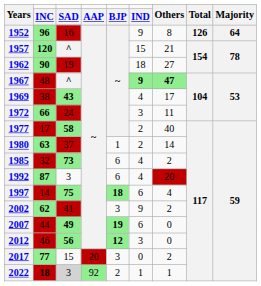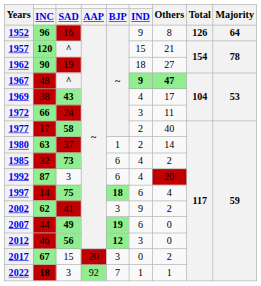 <table class="wikitable" style="text-align:center">
 <tr>
 <th rowspan="2">Years</th>
 <td></td>
 <td></td>
 <td></td>
 <td></td>
 <td></td>
 <th rowspan="2">Others</th>
 <th rowspan="2">Total</th>
 <th rowspan="2">Majority</th>
 </tr>
 <tr>
 <th><a href='#'>INC</a></th>
 <th><a href='#'>SAD</a></th>
 <th><a href='#'>AAP</a></th>
 <th><a href='#'>BJP</a></th>
 <th><a href='#'>IND</a></th>
 </tr>
 <tr>
 <th><a href='#'>1952</a></th>
 <td bgcolor="lightgreen"><strong>96</strong></td>
 <td bgcolor="chili">16</td>
 <th rowspan="14">~</th>
 <th rowspan="7">~</th>
 <td>9</td>
 <td>8</td>
 <th>126</th>
 <th>64</th>
 </tr>
 <tr>
 <th><a href='#'>1957</a></th>
 <td bgcolor="lightgreen"><strong>120</strong></td>
 <th>^</th>
 <td>15</td>
 <td>21</td>
 <th rowspan="2">154</th>
 <th rowspan="2">78</th>
 </tr>
 <tr>
 <th><a href='#'>1962</a></th>
 <td bgcolor="lightgreen"><strong>90</strong></td>
 <td bgcolor="chili">19</td>
 <td>18</td>
 <td>27</td>
 </tr>
 <tr>
 <th><a href='#'>1967</a></th>
 <td bgcolor="chili">48</td>
 <th>^</th>
 <td bgcolor="lightgreen"><strong>9</strong></td>
 <td bgcolor="lightgreen"><strong>47</strong></td>
 <th rowspan="3">104</th>
 <th rowspan="3">53</th>
 </tr>
 <tr>
 <th><a href='#'>1969</a></th>
 <td bgcolor="chili">38</td>
 <td bgcolor="lightgreen"><strong>43</strong></td>
 <td>4</td>
 <td>17</td>
 </tr>
 <tr>
 <th><a href='#'>1972</a></th>
 <td bgcolor="lightgreen"><strong>66</strong></td>
 <td bgcolor="chili">24</td>
 <td>3</td>
 <td>11</td>
 </tr>
 <tr>
 <th><a href='#'>1977</a></th>
 <td bgcolor="chili">17</td>
 <td bgcolor="lightgreen"><strong>58</strong></td>
 <td>2</td>
 <td>40</td>
 <th rowspan="10">117</th>
 <th rowspan="10">59</th>
 </tr>
 <tr>
 <th><a href='#'>1980</a></th>
 <td bgcolor="lightgreen"><strong>63</strong></td>
 <td bgcolor="chili">37</td>
 <td>1</td>
 <td>2</td>
 <td>14</td>
 </tr>
 <tr>
 <th><a href='#'>1985</a></th>
 <td bgcolor="chili">32</td>
 <td bgcolor="lightgreen"><strong>73</strong></td>
 <td>6</td>
 <td>4</td>
 <td>2</td>
 </tr>
 <tr>
 <th><a href='#'>1992</a></th>
 <td bgcolor="lightgreen"><strong>87</strong></td>
 <td>3</td>
 <td>6</td>
 <td>4</td>
 <td bgcolor="chili">20</td>
 </tr>
 <tr>
 <th><a href='#'>1997</a></th>
 <td bgcolor="chili">14</td>
 <td bgcolor="lightgreen"><strong>75</strong></td>
 <td bgcolor="lightgreen"><strong>18</strong></td>
 <td>6</td>
 <td>4</td>
 </tr>
 <tr>
 <th><a href='#'>2002</a></th>
 <td bgcolor="lightgreen"><strong>62</strong></td>
 <td bgcolor="chili">41</td>
 <td>3</td>
 <td>9</td>
 <td>2</td>
 </tr>
 <tr>
 <th><a href='#'>2007</a></th>
 <td bgcolor="chili">44</td>
 <td bgcolor="lightgreen"><strong>49</strong></td>
 <td bgcolor="lightgreen"><strong>19</strong></td>
 <td>6</td>
 <td>0</td>
 </tr>
 <tr>
 <th><a href='#'>2012</a></th>
 <td bgcolor="chili">46</td>
 <td bgcolor="lightgreen"><strong>56</strong></td>
 <td bgcolor="lightgreen"><strong>12</strong></td>
 <td>3</td>
 <td>0</td>
 </tr>
 <tr>
 <th><a href='#'>2017</a></th>
-<td bgcolor="lightgreen"><strong>77</strong></td>
+<td bgcolor="lightgreen"><strong>67</strong></td>
 <td>15</td>
 <td bgcolor="chili">20</td>
 <td>3</td>
 <td>0</td>
 <td>2</td>
 </tr>
 <tr>
 <th><a href='#'>2022</a></th>
 <td bgcolor="chili"><strong>18</strong></td>
-<td style="background: lightgrey;">3</td>
+<td>3</td>
 <td bgcolor="lightgreen">92</td>
-<td>2</td>
+<td>7</td>
 <td>1</td>
 <td>1</td>
 </tr>
 </table>
